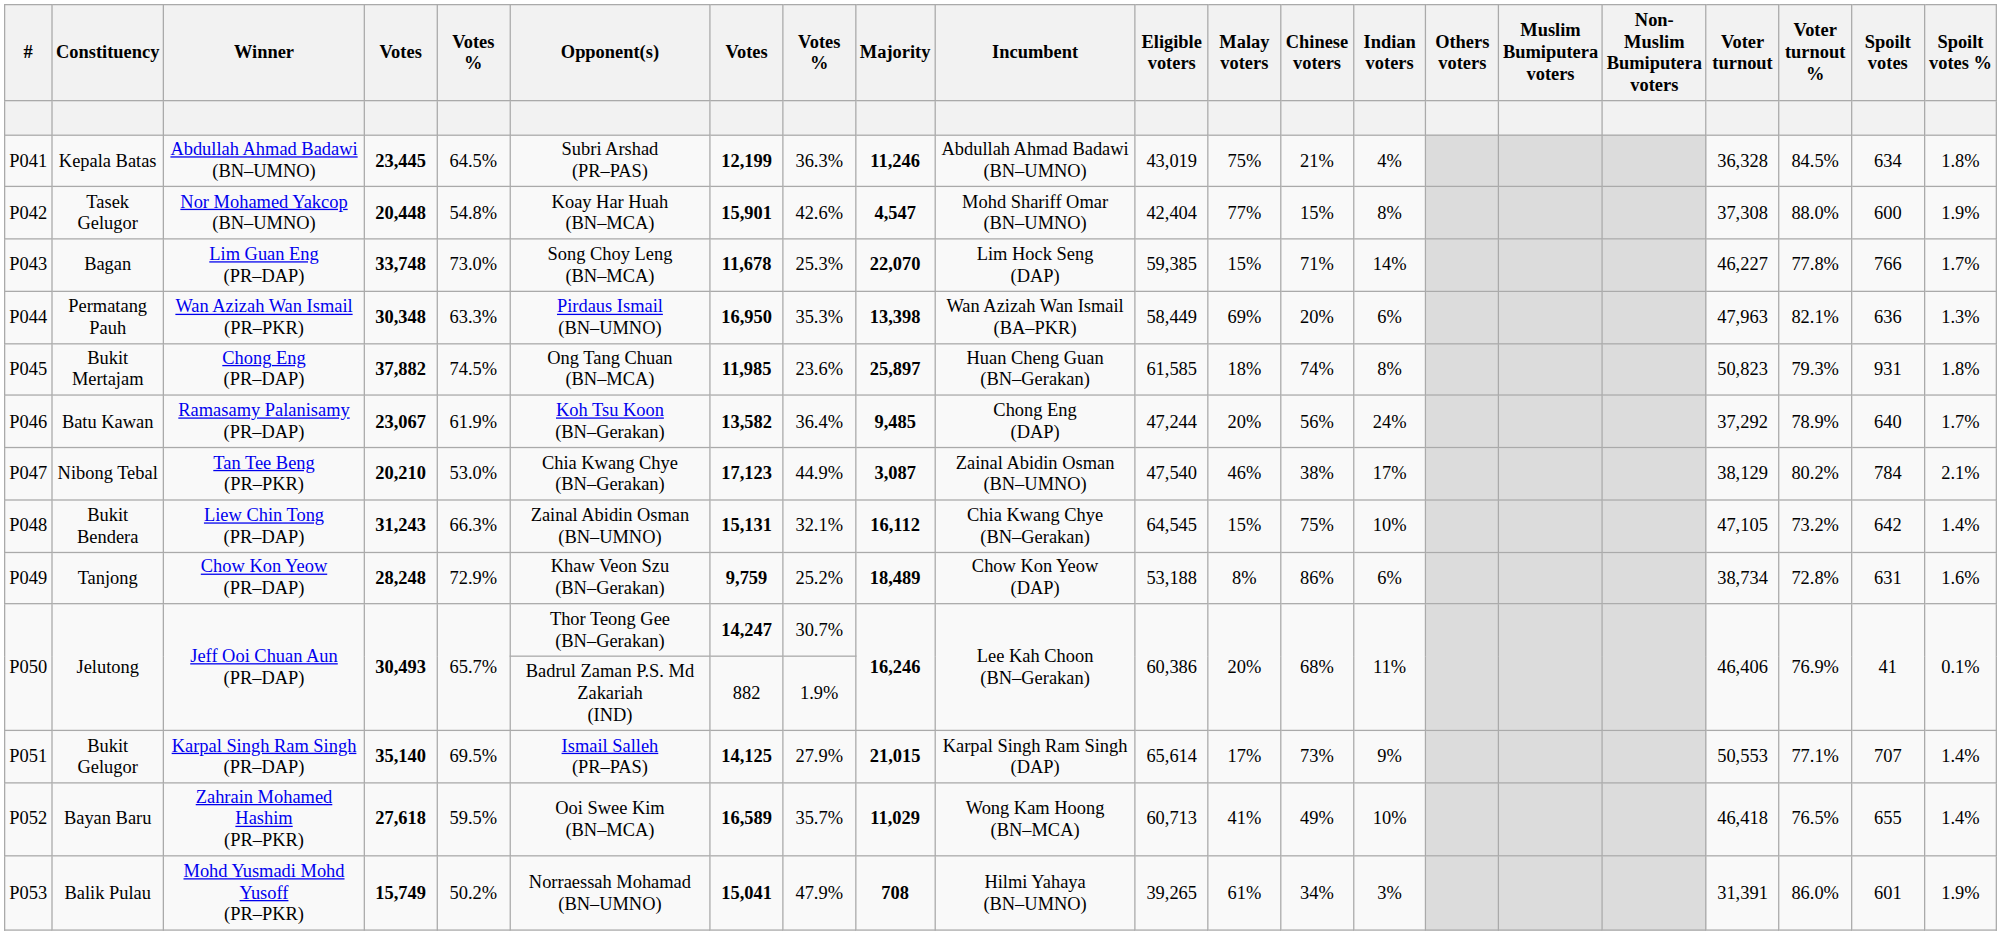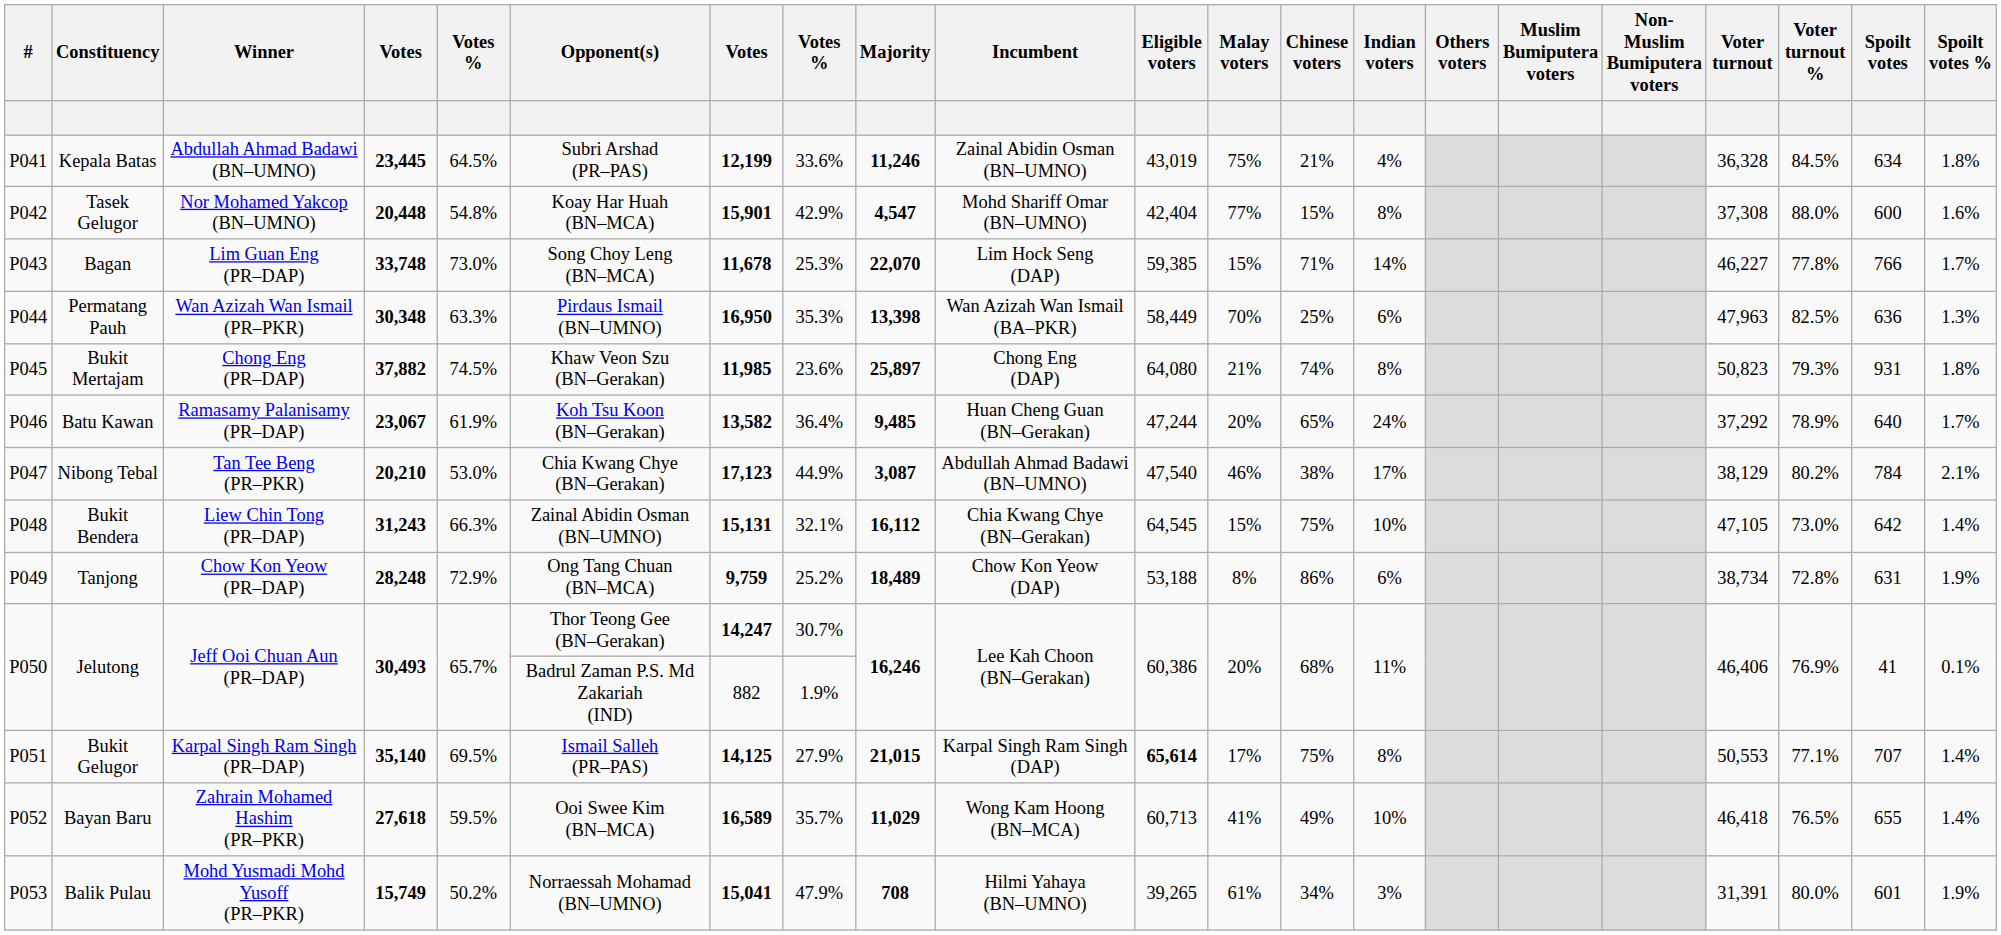 <table class="wikitable sortable" style="text-align:center; font-size:90%">
 <tr>
 <th width="30">#</th>
 <th width="60">Constituency</th>
 <th width="150">Winner</th>
 <th width="50">Votes</th>
 <th width="50">Votes %</th>
 <th width="150">Opponent(s)</th>
 <th width="50">Votes</th>
 <th width="50">Votes %</th>
 <th width="50">Majority</th>
 <th width="150">Incumbent</th>
 <th width="50">Eligible voters</th>
 <th width="50">Malay voters</th>
 <th width="50">Chinese voters</th>
 <th width="50">Indian voters</th>
 <th width="50">Others voters</th>
 <th width="50">Muslim Bumiputera voters</th>
 <th width="50">Non-Muslim Bumiputera voters</th>
 <th width="50">Voter turnout</th>
 <th width="50">Voter turnout %</th>
 <th width="50">Spoilt votes</th>
 <th width="50">Spoilt votes %</th>
 </tr>
 <tr>
 <th height="20"></th>
 <th></th>
 <th></th>
 <th></th>
 <th></th>
 <th></th>
 <th></th>
 <th></th>
 <th></th>
 <th></th>
 <th></th>
 <th></th>
 <th></th>
 <th></th>
 <th></th>
 <th></th>
 <th></th>
 <th></th>
 <th></th>
 <th></th>
 <th></th>
 </tr>
 <tr>
 <td>P041</td>
 <td>Kepala Batas</td>
 <td><a href='#'>Abdullah Ahmad Badawi</a><br>(BN–UMNO)</td>
 <td><strong>23,445</strong></td>
 <td>64.5%</td>
 <td>Subri Arshad<br>(PR–PAS)</td>
 <td><strong>12,199</strong></td>
-<td>36.3%</td>
+<td>33.6%</td>
 <td><strong>11,246</strong></td>
-<td>Abdullah Ahmad Badawi<br>(BN–UMNO)</td>
+<td>Zainal Abidin Osman<br>(BN–UMNO)</td>
 <td>43,019</td>
 <td>75%</td>
 <td>21%</td>
 <td>4%</td>
 <td bgcolor="dcdcdc"></td>
 <td bgcolor="dcdcdc"></td>
 <td bgcolor="dcdcdc"></td>
 <td>36,328</td>
 <td>84.5%</td>
 <td>634</td>
 <td>1.8%</td>
 </tr>
 <tr>
 <td>P042</td>
 <td>Tasek Gelugor</td>
 <td><a href='#'>Nor Mohamed Yakcop</a><br>(BN–UMNO)</td>
 <td><strong>20,448</strong></td>
 <td>54.8%</td>
 <td>Koay Har Huah<br>(BN–MCA)</td>
 <td><strong>15,901</strong></td>
-<td>42.6%</td>
+<td>42.9%</td>
 <td><strong>4,547</strong></td>
 <td>Mohd Shariff Omar<br>(BN–UMNO)</td>
 <td>42,404</td>
 <td>77%</td>
 <td>15%</td>
 <td>8%</td>
 <td bgcolor="dcdcdc"></td>
 <td bgcolor="dcdcdc"></td>
 <td bgcolor="dcdcdc"></td>
 <td>37,308</td>
 <td>88.0%</td>
 <td>600</td>
-<td>1.9%</td>
+<td>1.6%</td>
 </tr>
 <tr>
 <td>P043</td>
 <td>Bagan</td>
 <td><a href='#'>Lim Guan Eng</a><br>(PR–DAP)</td>
 <td><strong>33,748</strong></td>
 <td>73.0%</td>
 <td>Song Choy Leng<br>(BN–MCA)</td>
 <td><strong>11,678</strong></td>
 <td>25.3%</td>
 <td><strong>22,070</strong></td>
 <td>Lim Hock Seng<br>(DAP)</td>
 <td>59,385</td>
 <td>15%</td>
 <td>71%</td>
 <td>14%</td>
 <td bgcolor="dcdcdc"></td>
 <td bgcolor="dcdcdc"></td>
 <td bgcolor="dcdcdc"></td>
 <td>46,227</td>
 <td>77.8%</td>
 <td>766</td>
 <td>1.7%</td>
 </tr>
 <tr>
 <td>P044</td>
 <td>Permatang Pauh</td>
 <td><a href='#'>Wan Azizah Wan Ismail</a><br>(PR–PKR)</td>
 <td><strong>30,348</strong></td>
 <td>63.3%</td>
 <td><a href='#'>Pirdaus Ismail</a><br>(BN–UMNO)</td>
 <td><strong>16,950</strong></td>
 <td>35.3%</td>
 <td><strong>13,398</strong></td>
 <td>Wan Azizah Wan Ismail<br>(BA–PKR)</td>
 <td>58,449</td>
-<td>69%</td>
-<td>20%</td>
+<td>70%</td>
+<td>25%</td>
 <td>6%</td>
 <td bgcolor="dcdcdc"></td>
 <td bgcolor="dcdcdc"></td>
 <td bgcolor="dcdcdc"></td>
 <td>47,963</td>
-<td>82.1%</td>
+<td>82.5%</td>
 <td>636</td>
 <td>1.3%</td>
 </tr>
 <tr>
 <td>P045</td>
 <td>Bukit Mertajam</td>
 <td><a href='#'>Chong Eng</a><br>(PR–DAP)</td>
 <td><strong>37,882</strong></td>
 <td>74.5%</td>
-<td>Ong Tang Chuan<br>(BN–MCA)</td>
+<td>Khaw Veon Szu<br>(BN–Gerakan)</td>
 <td><strong>11,985</strong></td>
 <td>23.6%</td>
 <td><strong>25,897</strong></td>
-<td>Huan Cheng Guan<br>(BN–Gerakan)</td>
-<td>61,585</td>
-<td>18%</td>
+<td>Chong Eng<br>(DAP)</td>
+<td>64,080</td>
+<td>21%</td>
 <td>74%</td>
 <td>8%</td>
 <td bgcolor="dcdcdc"></td>
 <td bgcolor="dcdcdc"></td>
 <td bgcolor="dcdcdc"></td>
 <td>50,823</td>
 <td>79.3%</td>
 <td>931</td>
 <td>1.8%</td>
 </tr>
 <tr>
 <td>P046</td>
 <td>Batu Kawan</td>
 <td><a href='#'>Ramasamy Palanisamy</a><br>(PR–DAP)</td>
 <td><strong>23,067</strong></td>
 <td>61.9%</td>
 <td><a href='#'>Koh Tsu Koon</a><br>(BN–Gerakan)</td>
 <td><strong>13,582</strong></td>
 <td>36.4%</td>
 <td><strong>9,485</strong></td>
-<td>Chong Eng<br>(DAP)</td>
+<td>Huan Cheng Guan<br>(BN–Gerakan)</td>
 <td>47,244</td>
 <td>20%</td>
-<td>56%</td>
+<td>65%</td>
 <td>24%</td>
 <td bgcolor="dcdcdc"></td>
 <td bgcolor="dcdcdc"></td>
 <td bgcolor="dcdcdc"></td>
 <td>37,292</td>
 <td>78.9%</td>
 <td>640</td>
 <td>1.7%</td>
 </tr>
 <tr>
 <td>P047</td>
 <td>Nibong Tebal</td>
 <td><a href='#'>Tan Tee Beng</a><br>(PR–PKR)</td>
 <td><strong>20,210</strong></td>
 <td>53.0%</td>
 <td>Chia Kwang Chye<br>(BN–Gerakan)</td>
 <td><strong>17,123</strong></td>
 <td>44.9%</td>
 <td><strong>3,087</strong></td>
-<td>Zainal Abidin Osman<br>(BN–UMNO)</td>
+<td>Abdullah Ahmad Badawi<br>(BN–UMNO)</td>
 <td>47,540</td>
 <td>46%</td>
 <td>38%</td>
 <td>17%</td>
 <td bgcolor="dcdcdc"></td>
 <td bgcolor="dcdcdc"></td>
 <td bgcolor="dcdcdc"></td>
 <td>38,129</td>
 <td>80.2%</td>
 <td>784</td>
 <td>2.1%</td>
 </tr>
 <tr>
 <td>P048</td>
 <td>Bukit Bendera</td>
 <td><a href='#'>Liew Chin Tong</a><br>(PR–DAP)</td>
 <td><strong>31,243</strong></td>
 <td>66.3%</td>
 <td>Zainal Abidin Osman<br>(BN–UMNO)</td>
 <td><strong>15,131</strong></td>
 <td>32.1%</td>
 <td><strong>16,112</strong></td>
 <td>Chia Kwang Chye<br>(BN–Gerakan)</td>
 <td>64,545</td>
 <td>15%</td>
 <td>75%</td>
 <td>10%</td>
 <td bgcolor="dcdcdc"></td>
 <td bgcolor="dcdcdc"></td>
 <td bgcolor="dcdcdc"></td>
 <td>47,105</td>
-<td>73.2%</td>
+<td>73.0%</td>
 <td>642</td>
 <td>1.4%</td>
 </tr>
 <tr>
 <td>P049</td>
 <td>Tanjong</td>
 <td><a href='#'>Chow Kon Yeow</a><br>(PR–DAP)</td>
 <td><strong>28,248</strong></td>
 <td>72.9%</td>
-<td>Khaw Veon Szu<br>(BN–Gerakan)</td>
+<td>Ong Tang Chuan<br>(BN–MCA)</td>
 <td><strong>9,759</strong></td>
 <td>25.2%</td>
 <td><strong>18,489</strong></td>
 <td>Chow Kon Yeow<br>(DAP)</td>
 <td>53,188</td>
 <td>8%</td>
 <td>86%</td>
 <td>6%</td>
 <td bgcolor="dcdcdc"></td>
 <td bgcolor="dcdcdc"></td>
 <td bgcolor="dcdcdc"></td>
 <td>38,734</td>
 <td>72.8%</td>
 <td>631</td>
-<td>1.6%</td>
+<td>1.9%</td>
 </tr>
 <tr>
 <td rowspan=2>P050</td>
 <td rowspan=2>Jelutong</td>
 <td rowspan=2><a href='#'>Jeff Ooi Chuan Aun</a><br>(PR–DAP)</td>
 <td rowspan=2><strong>30,493</strong></td>
 <td rowspan=2>65.7%</td>
 <td>Thor Teong Gee<br>(BN–Gerakan)</td>
 <td><strong>14,247</strong></td>
 <td>30.7%</td>
 <td rowspan=2><strong>16,246</strong></td>
 <td rowspan=2>Lee Kah Choon<br>(BN–Gerakan)</td>
 <td rowspan=2>60,386</td>
 <td rowspan=2>20%</td>
 <td rowspan=2>68%</td>
 <td rowspan=2>11%</td>
 <td rowspan=2 bgcolor="dcdcdc"></td>
 <td rowspan=2 bgcolor="dcdcdc"></td>
 <td rowspan=2 bgcolor="dcdcdc"></td>
 <td rowspan=2>46,406</td>
 <td rowspan=2>76.9%</td>
 <td rowspan=2>41</td>
 <td rowspan=2>0.1%</td>
 </tr>
 <tr>
 <td>Badrul Zaman P.S. Md Zakariah<br>(IND)</td>
 <td>882</td>
 <td>1.9%</td>
 </tr>
 <tr>
 <td>P051</td>
 <td>Bukit Gelugor</td>
 <td><a href='#'>Karpal Singh Ram Singh</a><br>(PR–DAP)</td>
 <td><strong>35,140</strong></td>
 <td>69.5%</td>
 <td><a href='#'>Ismail Salleh</a><br>(PR–PAS)</td>
 <td><strong>14,125</strong></td>
 <td>27.9%</td>
 <td><strong>21,015</strong></td>
 <td>Karpal Singh Ram Singh<br>(DAP)</td>
-<td>65,614</td>
+<td><strong>65,614</strong></td>
 <td>17%</td>
-<td>73%</td>
-<td>9%</td>
+<td>75%</td>
+<td>8%</td>
 <td bgcolor="dcdcdc"></td>
 <td bgcolor="dcdcdc"></td>
 <td bgcolor="dcdcdc"></td>
 <td>50,553</td>
 <td>77.1%</td>
 <td>707</td>
 <td>1.4%</td>
 </tr>
 <tr>
 <td>P052</td>
 <td>Bayan Baru</td>
 <td><a href='#'>Zahrain Mohamed Hashim</a><br>(PR–PKR)</td>
 <td><strong>27,618</strong></td>
 <td>59.5%</td>
 <td>Ooi Swee Kim<br>(BN–MCA)</td>
 <td><strong>16,589</strong></td>
 <td>35.7%</td>
 <td><strong>11,029</strong></td>
 <td>Wong Kam Hoong<br>(BN–MCA)</td>
 <td>60,713</td>
 <td>41%</td>
 <td>49%</td>
 <td>10%</td>
 <td bgcolor="dcdcdc"></td>
 <td bgcolor="dcdcdc"></td>
 <td bgcolor="dcdcdc"></td>
 <td>46,418</td>
 <td>76.5%</td>
 <td>655</td>
 <td>1.4%</td>
 </tr>
 <tr>
 <td>P053</td>
 <td>Balik Pulau</td>
 <td><a href='#'>Mohd Yusmadi Mohd Yusoff</a><br>(PR–PKR)</td>
 <td><strong>15,749</strong></td>
 <td>50.2%</td>
 <td>Norraessah Mohamad<br>(BN–UMNO)</td>
 <td><strong>15,041</strong></td>
 <td>47.9%</td>
 <td><strong>708</strong></td>
 <td>Hilmi Yahaya<br>(BN–UMNO)</td>
 <td>39,265</td>
 <td>61%</td>
 <td>34%</td>
 <td>3%</td>
 <td bgcolor="dcdcdc"></td>
 <td bgcolor="dcdcdc"></td>
 <td bgcolor="dcdcdc"></td>
 <td>31,391</td>
-<td>86.0%</td>
+<td>80.0%</td>
 <td>601</td>
 <td>1.9%</td>
 </tr>
 </table>
